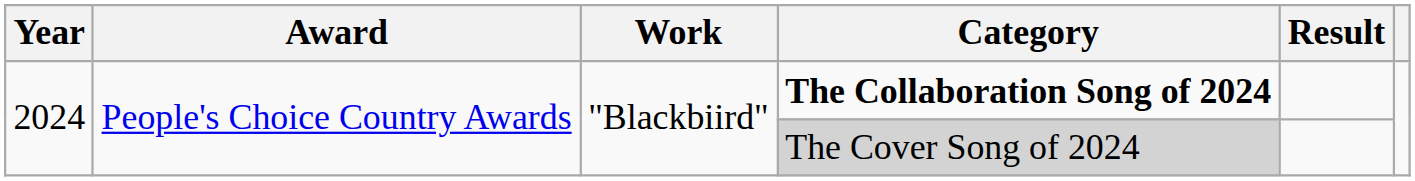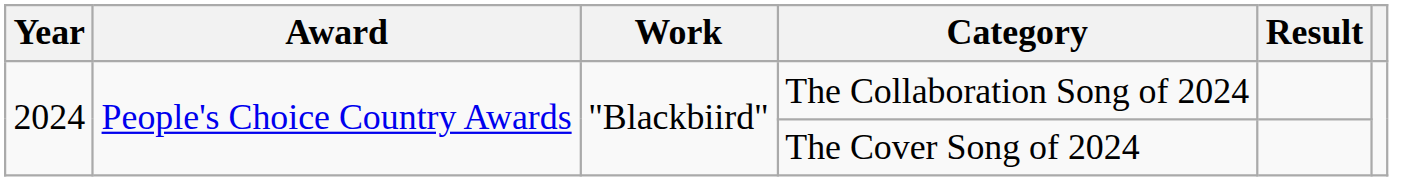 <table class="wikitable">
 <tr>
 <th scope="col">Year</th>
 <th scope="col">Award</th>
 <th scope="col">Work</th>
 <th scope="col">Category</th>
 <th scope="col">Result</th>
 <th scope="col"></th>
 </tr>
 <tr>
 <td rowspan=2>2024</td>
 <td rowspan=2><a href='#'>People's Choice Country Awards</a></td>
 <td rowspan=2>"Blackbiird" </td>
-<td><strong>The Collaboration Song of 2024</strong></td>
+<td>The Collaboration Song of 2024</td>
 <td></td>
 <td rowspan=2 align="center"></td>
 </tr>
 <tr>
-<td style="background: lightgrey;">The Cover Song of 2024</td>
+<td>The Cover Song of 2024</td>
 <td></td>
 </tr>
 </table>
